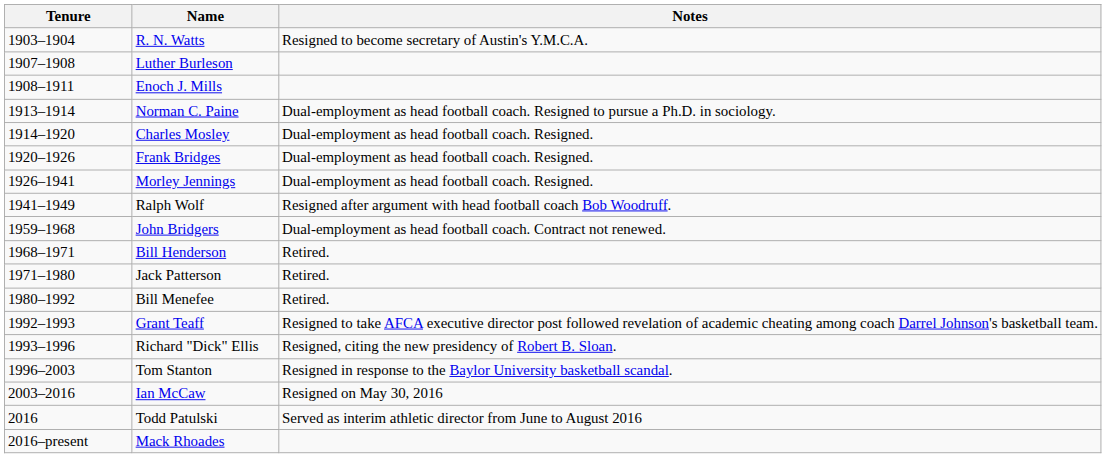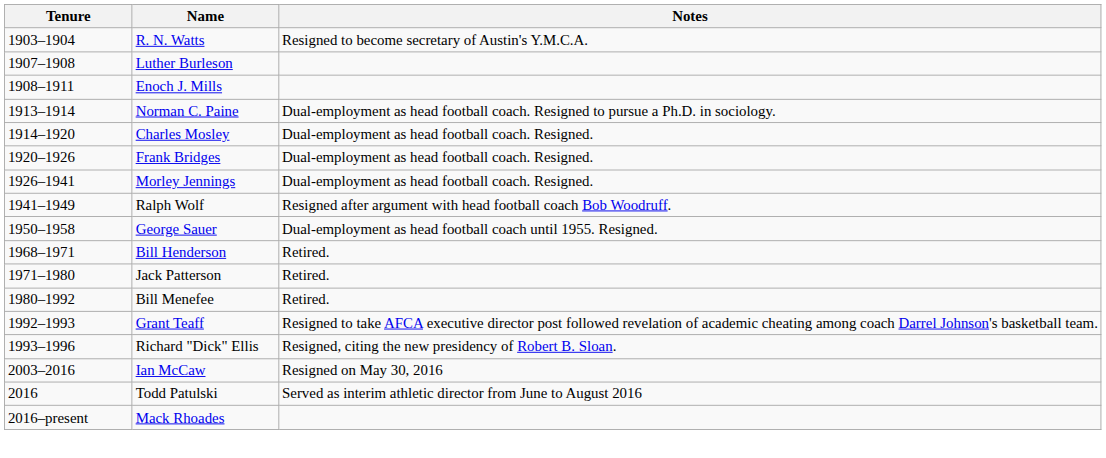 <table class="wikitable">
 <tr>
 <th width=130px>Tenure</th>
 <th width=150px>Name</th>
 <th width=px>Notes</th>
 </tr>
 <tr>
 <td>1903–1904</td>
 <td><a href='#'>R. N. Watts</a></td>
 <td>Resigned to become secretary of Austin's Y.M.C.A.</td>
 </tr>
 <tr>
 <td>1907–1908</td>
 <td><a href='#'>Luther Burleson</a></td>
 <td></td>
 </tr>
 <tr>
 <td>1908–1911</td>
 <td><a href='#'>Enoch J. Mills</a></td>
 <td></td>
 </tr>
 <tr>
 <td>1913–1914</td>
 <td><a href='#'>Norman C. Paine</a></td>
 <td>Dual-employment as head football coach. Resigned to pursue a Ph.D. in sociology.</td>
 </tr>
 <tr>
 <td>1914–1920</td>
 <td><a href='#'>Charles Mosley</a></td>
 <td>Dual-employment as head football coach. Resigned.</td>
 </tr>
 <tr>
 <td>1920–1926</td>
 <td><a href='#'>Frank Bridges</a></td>
 <td>Dual-employment as head football coach. Resigned.</td>
 </tr>
 <tr>
 <td>1926–1941</td>
 <td><a href='#'>Morley Jennings</a></td>
 <td>Dual-employment as head football coach. Resigned.</td>
 </tr>
 <tr>
 <td>1941–1949</td>
 <td>Ralph Wolf</td>
 <td>Resigned after argument with head football coach <a href='#'>Bob Woodruff</a>.</td>
 </tr>
 <tr>
-<td>1959–1968</td>
-<td><a href='#'>John Bridgers</a></td>
-<td>Dual-employment as head football coach. Contract not renewed.</td>
+<td>1950–1958</td>
+<td><a href='#'>George Sauer</a></td>
+<td>Dual-employment as head football coach until 1955. Resigned.</td>
 </tr>
 <tr>
 <td>1968–1971</td>
 <td><a href='#'>Bill Henderson</a></td>
 <td>Retired.</td>
 </tr>
 <tr>
 <td>1971–1980</td>
 <td>Jack Patterson</td>
 <td>Retired.</td>
 </tr>
 <tr>
 <td>1980–1992</td>
 <td>Bill Menefee</td>
 <td>Retired.</td>
 </tr>
 <tr>
 <td>1992–1993</td>
 <td><a href='#'>Grant Teaff</a></td>
 <td>Resigned to take <a href='#'>AFCA</a> executive director post followed revelation of academic cheating among coach <a href='#'>Darrel Johnson</a>'s basketball team.</td>
 </tr>
 <tr>
 <td>1993–1996</td>
 <td>Richard "Dick" Ellis</td>
 <td>Resigned, citing the new presidency of <a href='#'>Robert B. Sloan</a>.</td>
 </tr>
 <tr>
-<td>1996–2003</td>
-<td>Tom Stanton</td>
-<td>Resigned in response to the <a href='#'>Baylor University basketball scandal</a>.</td>
-</tr>
-<tr>
 <td>2003–2016</td>
 <td><a href='#'>Ian McCaw</a></td>
 <td>Resigned on May 30, 2016</td>
 </tr>
 <tr>
 <td>2016</td>
 <td>Todd Patulski</td>
 <td>Served as interim athletic director from June to August 2016</td>
 </tr>
 <tr>
 <td>2016–present</td>
 <td><a href='#'>Mack Rhoades</a></td>
 <td></td>
 </tr>
 </table>
